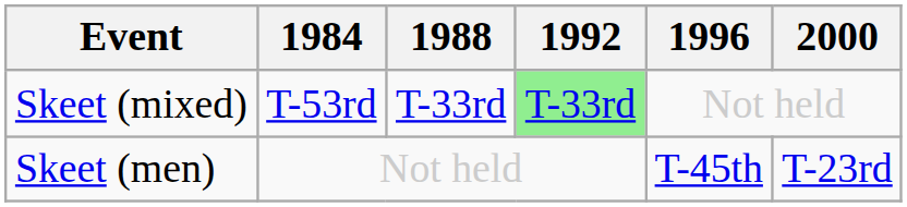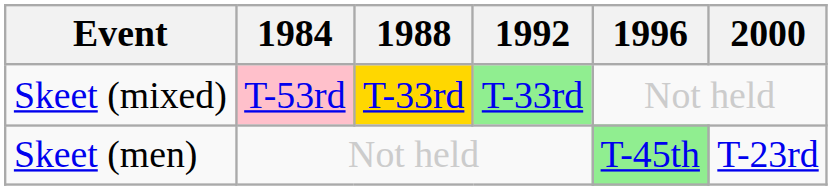 <table class="wikitable" style="text-align: center">
 <tr>
 <th>Event</th>
 <th>1984</th>
 <th>1988</th>
 <th>1992</th>
 <th>1996</th>
 <th>2000</th>
 </tr>
 <tr>
 <td align=left><a href='#'>Skeet</a> (mixed)</td>
-<td><a href='#'>T-53rd</a></td>
-<td><a href='#'>T-33rd</a></td>
+<td style="background: pink;"><a href='#'>T-53rd</a></td>
+<td style="background: gold;"><a href='#'>T-33rd</a></td>
 <td style="background: lightgreen;"><a href='#'>T-33rd</a></td>
 <td colspan=2 style="color: #cccccc">Not held</td>
 </tr>
 <tr>
 <td align=left><a href='#'>Skeet</a> (men)</td>
 <td colspan=3 style="color: #cccccc">Not held</td>
-<td><a href='#'>T-45th</a></td>
+<td style="background: lightgreen;"><a href='#'>T-45th</a></td>
 <td><a href='#'>T-23rd</a></td>
 </tr>
 </table>
